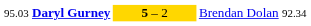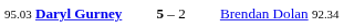 <table style="text-align:center">
 <tr>
 <th width=223></th>
 <th width=100></th>
 <th width=223></th>
 </tr>
 <tr>
 <td align=right><small>95.03</small> <strong><a href='#'>Daryl Gurney</a></strong> </td>
-<td style="background: gold;"><strong>5</strong> – 2</td>
+<td><strong>5</strong> – 2</td>
 <td align=left> <a href='#'>Brendan Dolan</a>  <small>92.34</small></td>
 </tr>
 <tr>
 <td align=right></td>
 <td></td>
 <td align=left></td>
 </tr>
 </table>
